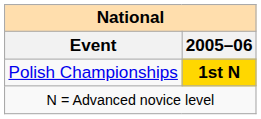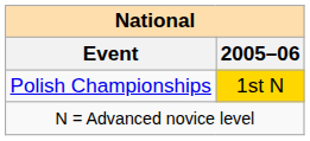 <table class="wikitable" style="text-align:center">
 <tr>
 <th style="background-color: #ffdead; " colspan=2 align=center>National</th>
 </tr>
 <tr>
 <th>Event</th>
 <th>2005–06</th>
 </tr>
 <tr>
 <td align=left><a href='#'>Polish Championships</a></td>
-<td bgcolor=gold><strong>1st N</strong></td>
+<td bgcolor=gold>1st N</td>
 </tr>
 <tr>
 <td colspan=2 align=center><small> N = Advanced novice level </small></td>
 </tr>
 </table>
